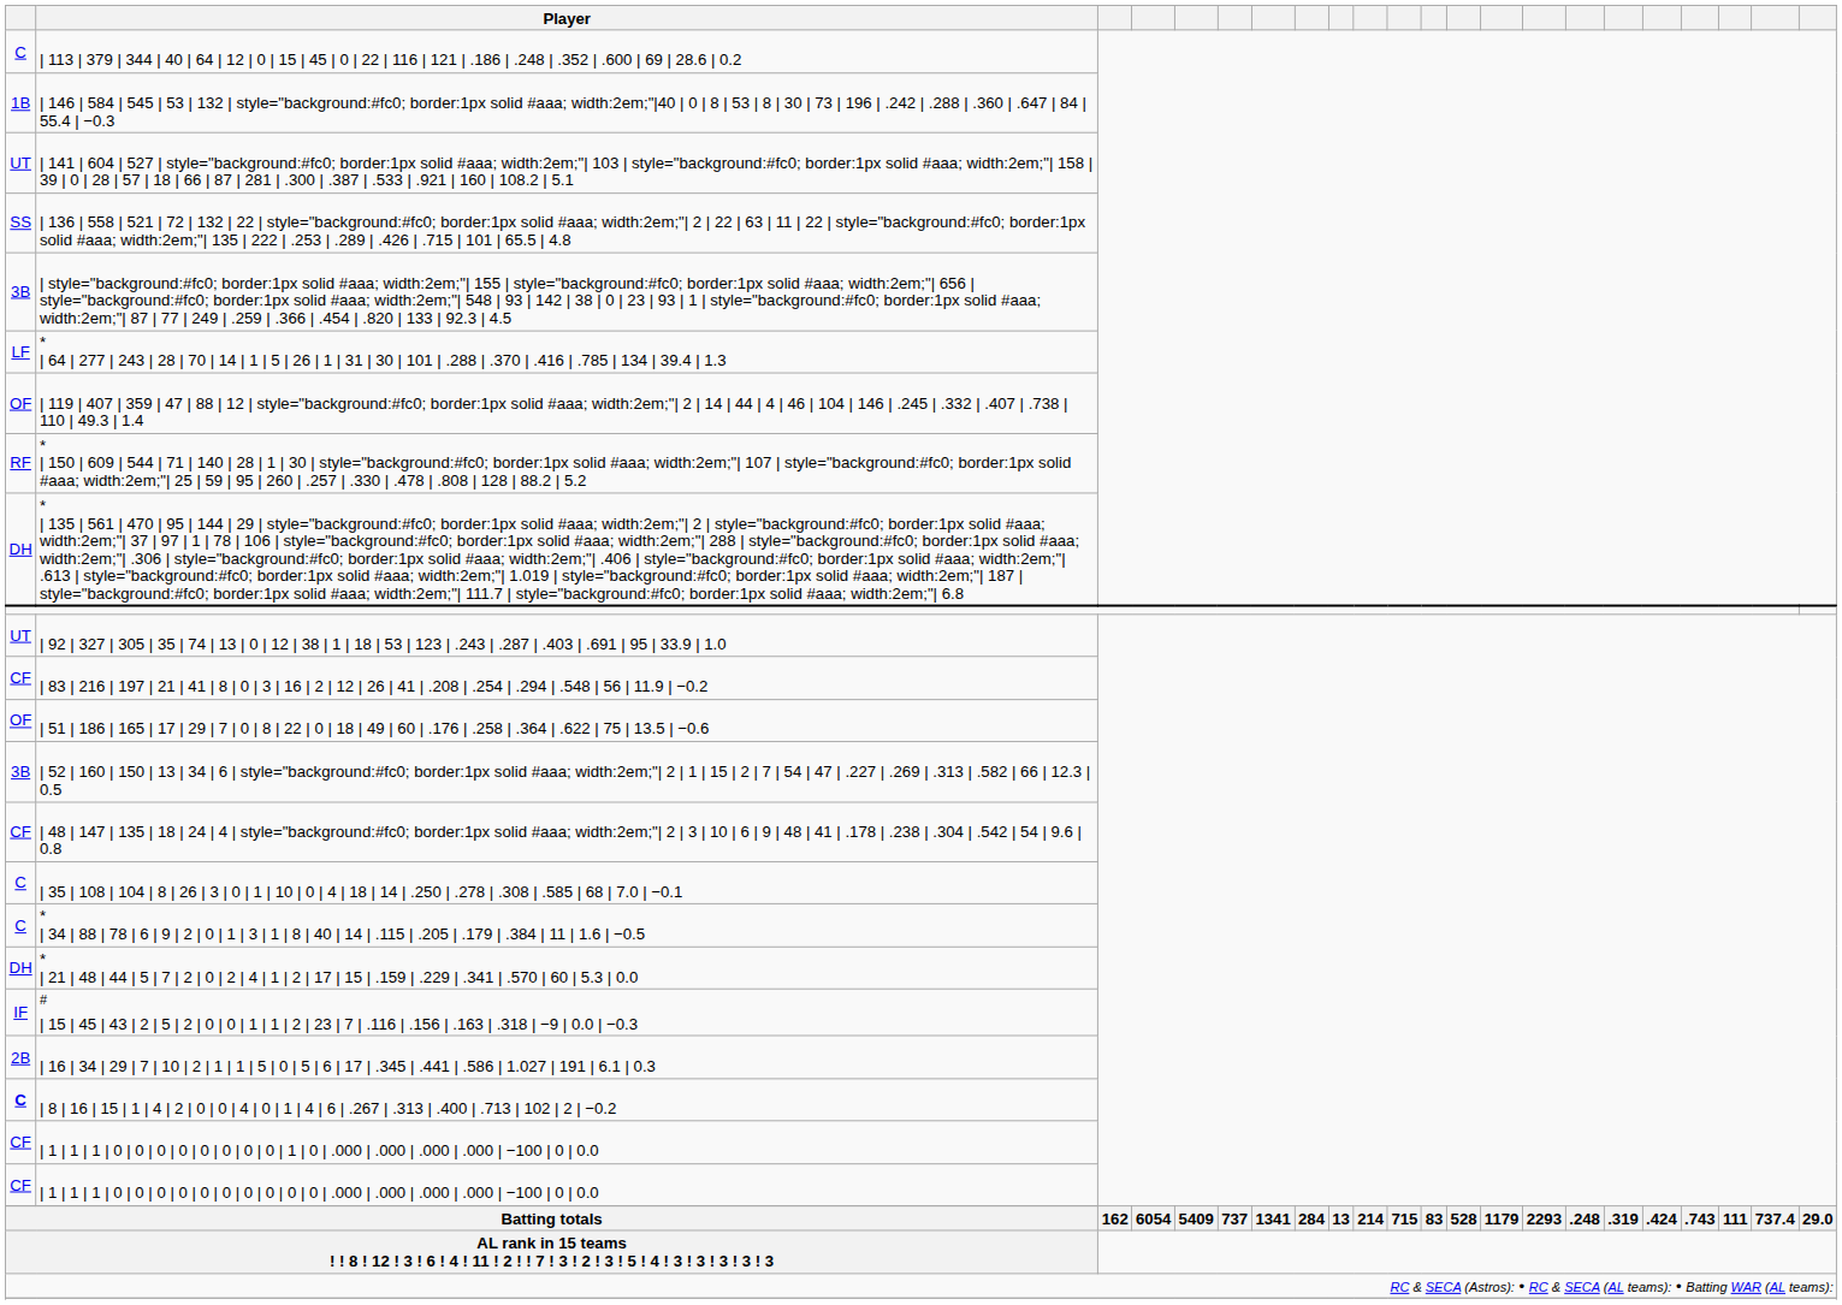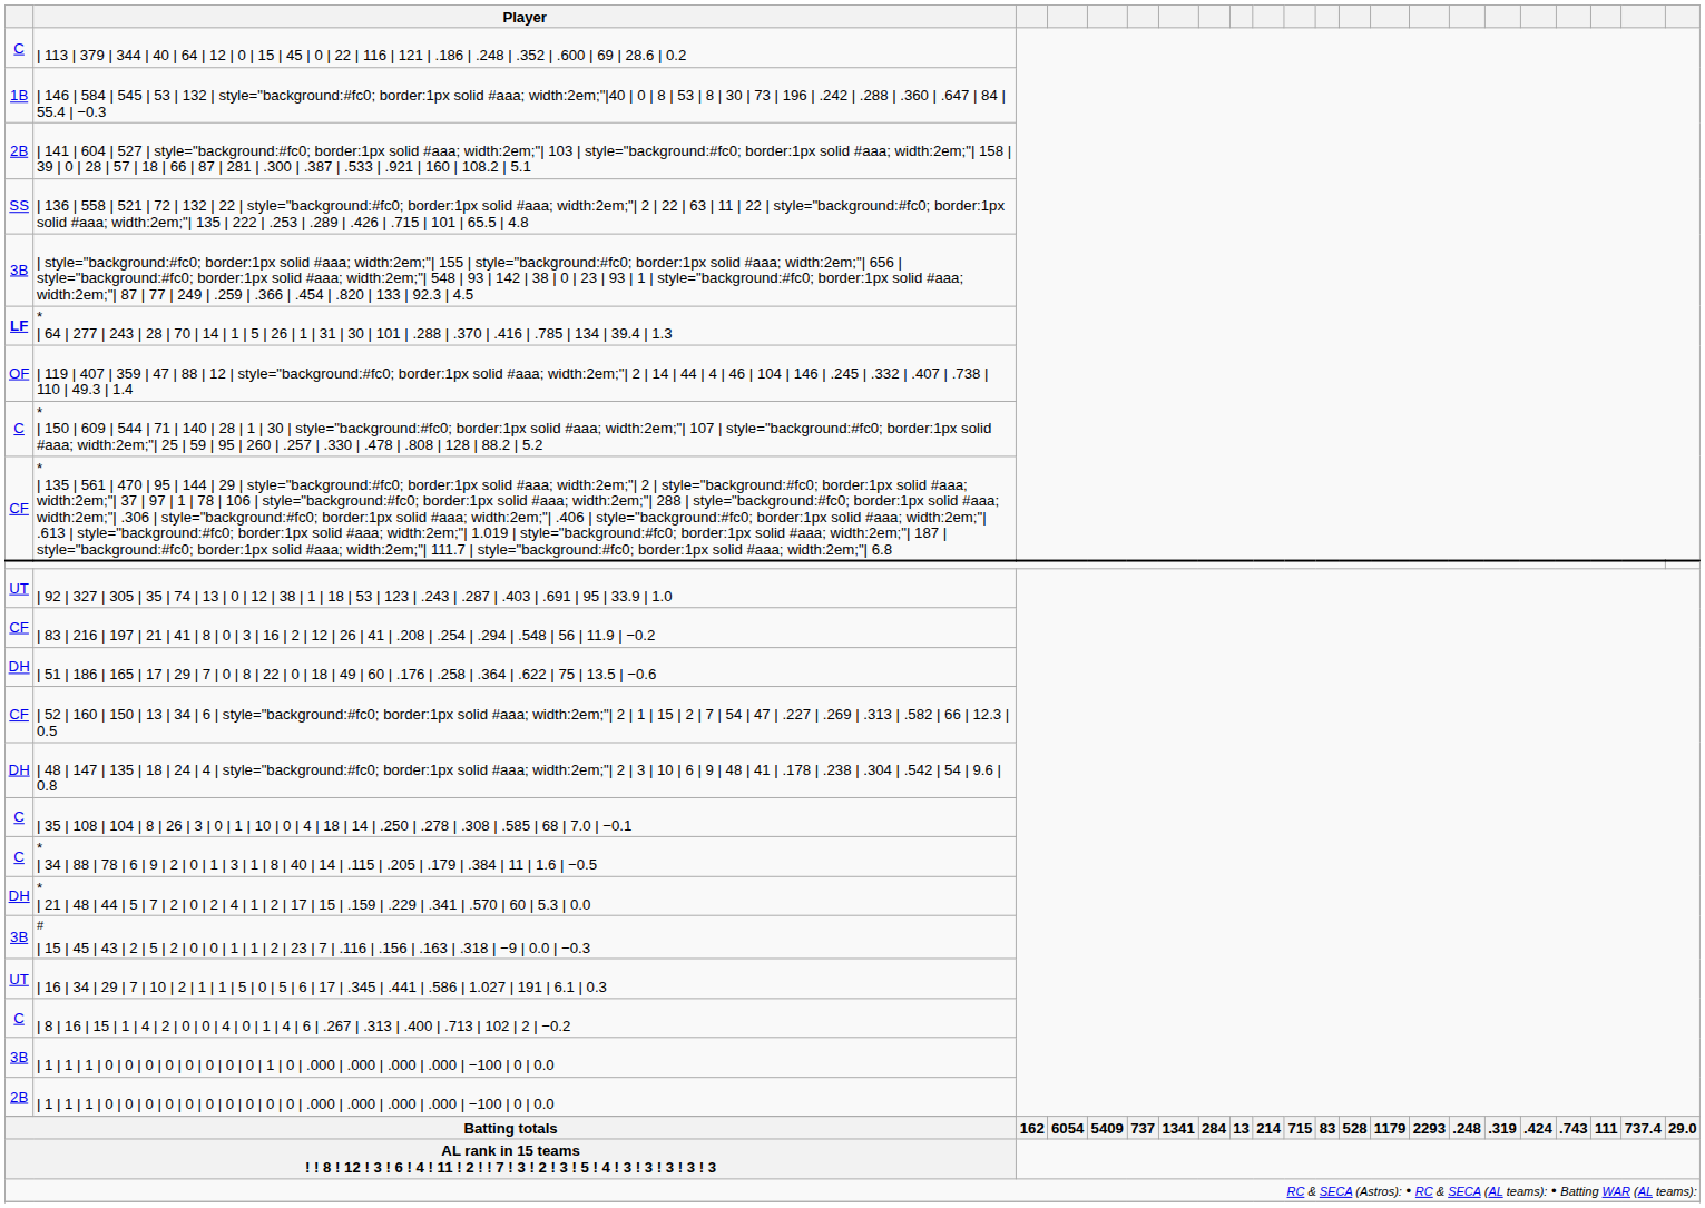 <table class="wikitable sortable" style="text-align:right; font-size:85%;">
 <tr>
 <th></th>
 <th>Player</th>
 <th></th>
 <th><small></small></th>
 <th><small></small></th>
 <th></th>
 <th></th>
 <th></th>
 <th></th>
 <th><small></small></th>
 <th><small></small></th>
 <th><small></small></th>
 <th><small></small></th>
 <th><small></small></th>
 <th><small></small></th>
 <th><small></small></th>
 <th><small></small></th>
 <th><small></small></th>
 <th><small></small></th>
 <th><small></small></th>
 <th><small></small></th>
 <th><small></small><br></th>
 </tr>
 <tr>
 <td align=center><a href='#'>C</a></td>
 <td align=left><br>                  | 113              | 379                        | 344                     | 40                            | 64                        | 12                        | 0                      | 15                | 45                   | 0                 | 22                      | 116                    | 121               | .186             | .248            | .352         | .600 | 69                   | 28.6         | 0.2</td>
 </tr>
 <tr>
 <td align=center><a href='#'>1B</a></td>
 <td align=left><br>                  | 146               | 584                        | 545                     | 53                             | 132                         | style="background:#fc0; border:1px solid #aaa; width:2em;"|40                        | 0                      | 8                 | 53                    | 8                  | 30                      | 73                     | 196                | .242             | .288            | .360         | .647  | 84                    | 55.4        | −0.3</td>
 </tr>
 <tr>
-<td align=center><a href='#'>UT</a></td>
+<td align=center><a href='#'>2B</a></td>
 <td align=left><br>                  | 141               | 604                         | 527                      | style="background:#fc0; border:1px solid #aaa; width:2em;"| 103                             | style="background:#fc0; border:1px solid #aaa; width:2em;"| 158                         | 39                         | 0                       | 28                 | 57                    | 18                  | 66                      | 87                     | 281                | .300             | .387            | .533          | .921 | 160                    | 108.2         | 5.1</td>
 </tr>
 <tr>
 <td align=center ><a href='#'>SS</a></td>
 <td align=left ><br>                  | 136               | 558                         | 521                     | 72                             | 132                         | 22                         | style="background:#fc0; border:1px solid #aaa; width:2em;"| 2                       | 22                 | 63                    | 11                  | 22                      | style="background:#fc0; border:1px solid #aaa; width:2em;"| 135                     | 222                | .253             | .289            | .426          | .715  | 101                    | 65.5         | 4.8</td>
 </tr>
 <tr>
 <td align=center><a href='#'>3B</a></td>
 <td align=left><br>                  | style="background:#fc0; border:1px solid #aaa; width:2em;"| 155              | style="background:#fc0; border:1px solid #aaa; width:2em;"| 656                        | style="background:#fc0; border:1px solid #aaa; width:2em;"| 548                     | 93                             | 142                         | 38                         | 0                       | 23                 | 93                    | 1                  | style="background:#fc0; border:1px solid #aaa; width:2em;"| 87                     | 77                     | 249                | .259             | .366            | .454          | .820  | 133                    | 92.3         | 4.5</td>
 </tr>
 <tr>
-<td align=center><a href='#'>LF</a></td>
+<td align=center><strong><a href='#'>LF</a></strong></td>
 <td align=left>*<br>                  | 64              | 277                         | 243                      | 28                             | 70                         | 14                         | 1                       | 5                 | 26                    | 1                  | 31                      | 30                     | 101                | .288             | .370            | .416          | .785 | 134                    | 39.4         | 1.3</td>
 </tr>
 <tr>
 <td align=center><a href='#'>OF</a></td>
 <td align=left><br>                  | 119               | 407                         | 359                      | 47                             | 88                         | 12                         | style="background:#fc0; border:1px solid #aaa; width:2em;"| 2                       | 14                 | 44                    | 4                  | 46                      | 104                     | 146                | .245             | .332            | .407         | .738  | 110                    | 49.3         | 1.4</td>
 </tr>
 <tr>
-<td align=center><a href='#'>RF</a></td>
+<td align=center><a href='#'>C</a></td>
 <td align=left>*<br>                  | 150              | 609                         | 544                     | 71                             | 140                         | 28                         | 1                       | 30                 | style="background:#fc0; border:1px solid #aaa; width:2em;"| 107                    | style="background:#fc0; border:1px solid #aaa; width:2em;"| 25                  | 59                      | 95                     | 260                | .257             | .330            | .478          | .808  | 128                    | 88.2         | 5.2</td>
 </tr>
 <tr style="border-bottom:2px solid black">
-<td align=center><a href='#'>DH</a></td>
+<td align=center><a href='#'>CF</a></td>
 <td align=left>*<br>                  | 135               | 561                         | 470                     | 95                            | 144                        | 29                         | style="background:#fc0; border:1px solid #aaa; width:2em;"| 2                      | style="background:#fc0; border:1px solid #aaa; width:2em;"| 37                | 97                    | 1                  | 78                      | 106                     | style="background:#fc0; border:1px solid #aaa; width:2em;"| 288               | style="background:#fc0; border:1px solid #aaa; width:2em;"| .306            | style="background:#fc0; border:1px solid #aaa; width:2em;"| .406           | style="background:#fc0; border:1px solid #aaa; width:2em;"| .613         | style="background:#fc0; border:1px solid #aaa; width:2em;"| 1.019 | style="background:#fc0; border:1px solid #aaa; width:2em;"| 187                    | style="background:#fc0; border:1px solid #aaa; width:2em;"| 111.7        | style="background:#fc0; border:1px solid #aaa; width:2em;"| 6.8</td>
 </tr>
 <tr>
 <td colspan="21"></td>
 <td></td>
 </tr>
 <tr>
 <td align=center><a href='#'>UT</a></td>
 <td align=left><br>                  | 92              | 327                         | 305                      | 35                             | 74                         | 13                         | 0                       | 12                 | 38                    | 1                  | 18                      | 53                     | 123                | .243             | .287            | .403          | .691  | 95                    | 33.9         | 1.0</td>
 </tr>
 <tr>
 <td align=center><a href='#'>CF</a></td>
 <td align=left><br>                  | 83              | 216                         | 197                      | 21                             | 41                         | 8                         | 0                       | 3                 | 16                    | 2                  | 12                      | 26                     | 41                | .208             | .254           | .294          | .548  | 56                    | 11.9        | −0.2</td>
 </tr>
 <tr>
-<td align=center><a href='#'>OF</a></td>
+<td align=center><a href='#'>DH</a></td>
 <td align=left><br>                  | 51              | 186                         | 165                      | 17                             | 29                         | 7                         | 0                       | 8                 | 22                    | 0                  | 18                      | 49                     | 60                | .176             | .258           | .364          | .622  | 75                    | 13.5        | −0.6</td>
 </tr>
 <tr>
-<td align=center><a href='#'>3B</a></td>
+<td align=center><a href='#'>CF</a></td>
 <td align=left><br>                  | 52              | 160                         | 150                      | 13                             | 34                         | 6                         | style="background:#fc0; border:1px solid #aaa; width:2em;"| 2                       | 1                 | 15                    | 2                  | 7                      | 54                    | 47                | .227             | .269           | .313          | .582  | 66                    | 12.3         | 0.5</td>
 </tr>
 <tr>
-<td align=center><a href='#'>CF</a></td>
+<td align=center><a href='#'>DH</a></td>
 <td align=left><br>                  | 48              | 147                         | 135                      | 18                             | 24                         | 4                         | style="background:#fc0; border:1px solid #aaa; width:2em;"| 2                       | 3                 | 10                    | 6                  | 9                      | 48                                         | 41                | .178             | .238            | .304          | .542  | 54                    | 9.6         | 0.8</td>
 </tr>
 <tr>
 <td align=center><a href='#'>C</a></td>
 <td align=left><br>                  | 35              | 108                         | 104                     | 8                             | 26                         | 3                         | 0                       | 1                 | 10                    | 0                  | 4                      | 18                     | 14                | .250             | .278           | .308          | .585  | 68                    | 7.0         | −0.1</td>
 </tr>
 <tr>
 <td align=center><a href='#'>C</a></td>
 <td align=left>*<br>                  | 34              | 88                         | 78                     | 6                             | 9                         | 2                         | 0                       | 1                 | 3                    | 1                  | 8                      | 40                     | 14                | .115             | .205           | .179          | .384  | 11                    | 1.6         | −0.5</td>
 </tr>
 <tr>
 <td align=center><a href='#'>DH</a></td>
 <td align=left>*<br>                  | 21              | 48                         | 44                      | 5                             | 7                         | 2                         | 0                       | 2                 | 4                    | 1                  | 2                      | 17                     | 15                | .159             | .229            | .341          | .570  | 60                    | 5.3         | 0.0</td>
 </tr>
 <tr>
-<td align=center><a href='#'>IF</a></td>
+<td align=center><a href='#'>3B</a></td>
 <td align=left><sup>#</sup><br>                  | 15              | 45                         | 43                      | 2                             | 5                         | 2                         | 0                       | 0                 | 1                    | 1                  | 2                      | 23                     | 7                | .116             | .156           | .163          | .318  | −9                    | 0.0         | −0.3</td>
 </tr>
 <tr>
-<td align=center><a href='#'>2B</a></td>
+<td align=center><a href='#'>UT</a></td>
 <td align=left><br>                  | 16               | 34                         | 29                      | 7                             | 10                         | 2                         | 1                       | 1                 | 5                    | 0                  | 5                      | 6                     | 17                | .345             | .441            | .586          | 1.027  | 191                    | 6.1         | 0.3</td>
 </tr>
 <tr>
-<td align=center><strong><a href='#'>C</a></strong></td>
+<td align=center><a href='#'>C</a></td>
 <td align=left><br>                  | 8              | 16                         | 15                      | 1                             | 4                         | 2                         | 0                       | 0                 | 4                    | 0                 | 1                      | 4                     | 6                | .267             | .313            | .400          | .713  | 102                    | 2         | −0.2</td>
 </tr>
 <tr>
-<td align=center><a href='#'>CF</a></td>
+<td align=center><a href='#'>3B</a></td>
 <td align=left><br>                  | 1              | 1                        | 1                      | 0                             | 0                         | 0                         | 0                       | 0                 | 0                    | 0                  | 0                      | 1                     | 0                | .000             | .000           | .000         | .000  | −100                    | 0         | 0.0</td>
 </tr>
 <tr>
-<td align=center><a href='#'>CF</a></td>
+<td align=center><a href='#'>2B</a></td>
 <td align=left><br>                  | 1              | 1                         | 1                      | 0                             | 0                         | 0                         | 0                       | 0                 | 0                    | 0                  | 0                      | 0                     | 0                | .000             | .000            | .000          | .000  | −100                    | 0         | 0.0</td>
 </tr>
 <tr>
 </tr>
 <tr class="sortbottom">
 <th colspan="2">Batting totals</th>
 <th>162</th>
 <th>6054</th>
 <th>5409</th>
 <th>737</th>
 <th>1341</th>
 <th>284</th>
 <th>13</th>
 <th>214</th>
 <th>715</th>
 <th>83</th>
 <th>528</th>
 <th>1179</th>
 <th>2293</th>
 <th>.248</th>
 <th>.319</th>
 <th>.424</th>
 <th>.743</th>
 <th>111</th>
 <th>737.4</th>
 <th>29.0</th>
 </tr>
 <tr class="sortbottom">
 <th colspan="2;">AL rank in 15 teams<br>                  !                 ! 8                          ! 12                        ! 3                               ! 6                        ! 4                          ! 11                         ! 2                  !                       ! 7                   ! 3                       ! 2                      ! 3                  ! 5               ! 4             ! 3            ! 3    ! 3                     ! 3             ! 3</th>
 </tr>
 <tr class="sortbottom">
 <td colspan="23;" align="right"><small><em><a href='#'>RC</a> & <a href='#'>SECA</a> (Astros):</em></small> • <small><em><a href='#'>RC</a> & <a href='#'>SECA</a> (<a href='#'>AL</a> teams):</em></small> • <small><em>Batting <a href='#'>WAR</a> (<a href='#'>AL</a> teams):</em></small></td>
 </tr>
 <tr>
 </tr>
 <tr>
 </tr>
 </table>
